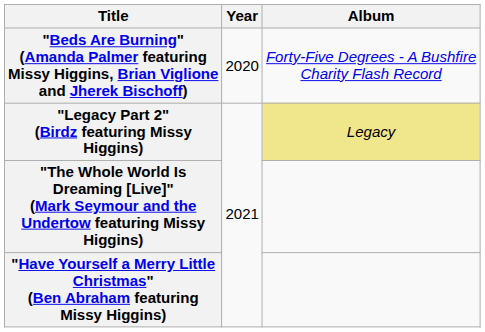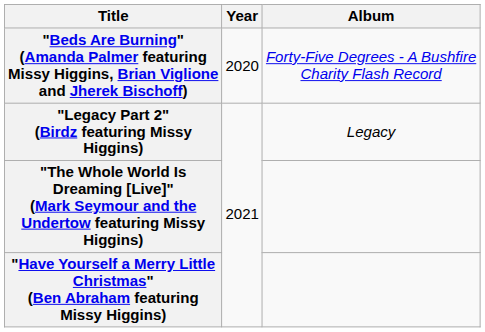 <table class="wikitable plainrowheaders" style="text-align:center;" border="1">
 <tr>
 <th scope="col" rowspan="1" style="width:14em;">Title</th>
 <th scope="col" rowspan="1" style="width:1em;">Year</th>
 <th scope="col" rowspan="1" style="width:14em;">Album</th>
 </tr>
 <tr>
 <th scope="row">"<a href='#'>Beds Are Burning</a>"<br><span>(<a href='#'>Amanda Palmer</a> featuring Missy Higgins, <a href='#'>Brian Viglione</a> and <a href='#'>Jherek Bischoff</a>)</span></th>
 <td>2020</td>
 <td><em><a href='#'>Forty-Five Degrees - A Bushfire Charity Flash Record</a></em></td>
 </tr>
 <tr>
 <th scope="row">"Legacy Part 2"<br><span>(<a href='#'>Birdz</a> featuring Missy Higgins)</span></th>
 <td rowspan="3">2021</td>
-<td style="background: khaki;"><em>Legacy</em></td>
+<td><em>Legacy</em></td>
 </tr>
 <tr>
 <th scope="row">"The Whole World Is Dreaming [Live]"<br><span>(<a href='#'>Mark Seymour and the Undertow</a> featuring Missy Higgins)</span></th>
 <td></td>
 </tr>
 <tr>
 <th scope="row">"<a href='#'>Have Yourself a Merry Little Christmas</a>"<br><span>(<a href='#'>Ben Abraham</a> featuring Missy Higgins)</span></th>
 <td></td>
 </tr>
 </table>
